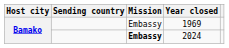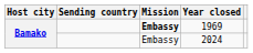 <table class="wikitable plainrowheaders">
 <tr>
 <th scope="col">Host city</th>
 <th scope="col">Sending country</th>
 <th scope="col">Mission</th>
 <th scope="col">Year closed</th>
 <th scope="col"></th>
 </tr>
 <tr>
 <th rowspan=2><a href='#'>Bamako</a></th>
 <td></td>
-<td style="text-align:center;">Embassy</td>
+<td style="text-align:center;"><strong>Embassy</strong></td>
 <td style="text-align:center;">1969</td>
 <td style="text-align:center;"></td>
 </tr>
 <tr>
 <td></td>
-<td style="text-align:center;"><strong>Embassy</strong></td>
+<td style="text-align:center;">Embassy</td>
 <td style="text-align:center;">2024</td>
 <td style="text-align:center;"></td>
 </tr>
 </table>
